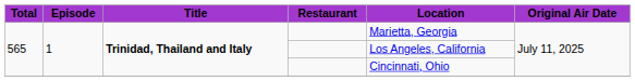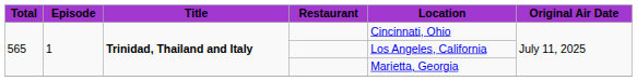 <table class="wikitable" style="width: 100%;">
 <tr>
 <th # style="background:#a338d0;">Total</th>
 <th # style="background:#a338d0;">Episode</th>
 <th # style="background:#a338d0;">Title</th>
 <th # style="background:#a338d0;">Restaurant</th>
 <th # style="background:#a338d0;">Location</th>
 <th # style="background:#a338d0;">Original Air Date</th>
 </tr>
 <tr>
 <td rowspan="3">565</td>
 <td rowspan="3">1</td>
 <td rowspan="3"><strong>Trinidad, Thailand and Italy</strong></td>
 <td></td>
-<td><a href='#'>Marietta, Georgia</a></td>
+<td><a href='#'>Cincinnati, Ohio</a></td>
 <td rowspan="3">July 11, 2025</td>
 </tr>
 <tr>
 <td></td>
 <td><a href='#'>Los Angeles, California</a></td>
 </tr>
 <tr>
 <td></td>
-<td><a href='#'>Cincinnati, Ohio</a></td>
+<td><a href='#'>Marietta, Georgia</a></td>
 </tr>
 <tr>
 </tr>
 </table>
